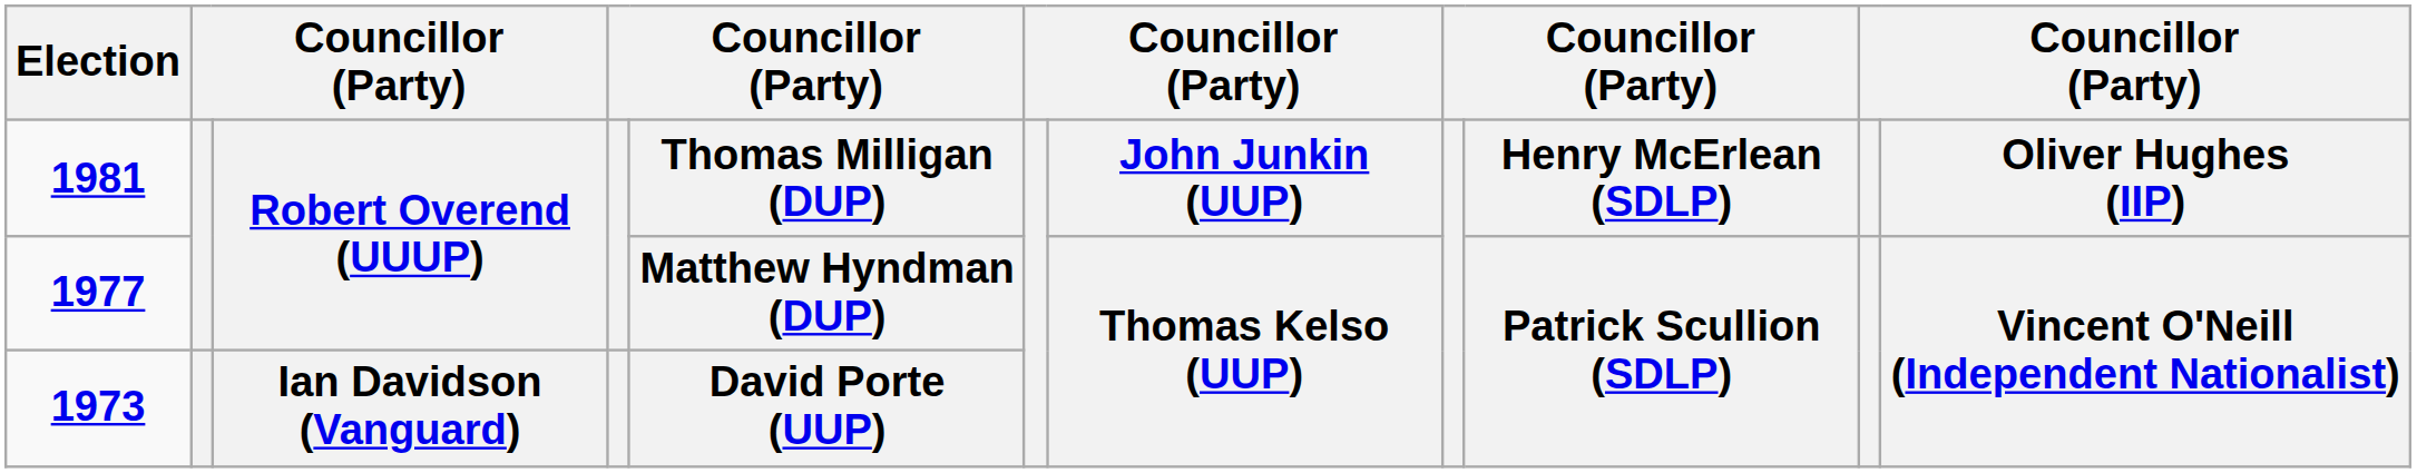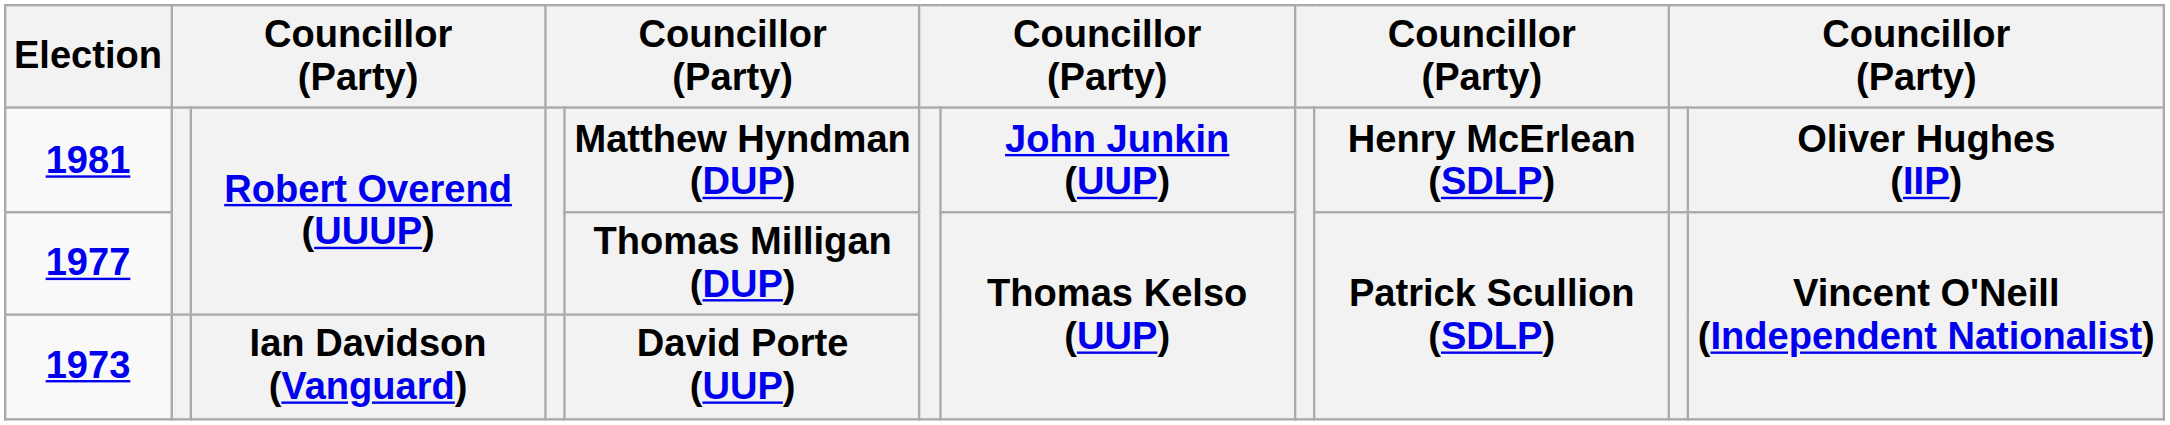 <table class="wikitable" style="text-align:center">
 <tr>
 <th scope="col" width="50">Election</th>
 <th scope="col" width="150" colspan = "2">Councillor<br> (Party)</th>
 <th scope="col" width="150" colspan = "2">Councillor<br> (Party)</th>
 <th scope="col" width="150" colspan = "2">Councillor<br> (Party)</th>
 <th scope="col" width="150" colspan = "2">Councillor<br> (Party)</th>
 <th scope="col" width="150" colspan = "2">Councillor<br> (Party)</th>
 </tr>
 <tr>
 <td><strong><a href='#'>1981</a></strong></td>
 <th rowspan="2" width="1" style="background-color: "></th>
 <th rowspan = "2"><a href='#'>Robert Overend</a> <br> (<a href='#'>UUUP</a>)</th>
 <th rowspan="2" width="1" style="background-color: "></th>
-<th rowspan = "1">Thomas Milligan <br> (<a href='#'>DUP</a>)</th>
+<th rowspan = "1">Matthew Hyndman <br> (<a href='#'>DUP</a>)</th>
 <th rowspan="3" width="1" style="background-color: "></th>
 <th rowspan = "1"><a href='#'>John Junkin</a> <br> (<a href='#'>UUP</a>)</th>
 <th rowspan="3" width="1" style="background-color: "></th>
 <th rowspan = "1">Henry McErlean <br> (<a href='#'>SDLP</a>)</th>
 <th rowspan="1" width="1" style="background-color: "></th>
 <th rowspan = "1">Oliver Hughes <br> (<a href='#'>IIP</a>)</th>
 </tr>
 <tr>
 <td><strong><a href='#'>1977</a></strong></td>
-<th rowspan = "1">Matthew Hyndman <br> (<a href='#'>DUP</a>)</th>
+<th rowspan = "1">Thomas Milligan <br> (<a href='#'>DUP</a>)</th>
 <th rowspan = "2">Thomas Kelso <br> (<a href='#'>UUP</a>)</th>
 <th rowspan = "2">Patrick Scullion <br> (<a href='#'>SDLP</a>)</th>
 <th rowspan="2" width="1" style="background-color: "></th>
 <th rowspan = "2">Vincent O'Neill <br> (<a href='#'>Independent Nationalist</a>)</th>
 </tr>
 <tr>
 <td><strong><a href='#'>1973</a></strong></td>
 <th rowspan="1" width="1" style="background-color: "></th>
 <th rowspan = "1">Ian Davidson <br> (<a href='#'>Vanguard</a>)</th>
 <th rowspan="1" width="1" style="background-color: "></th>
 <th rowspan = "1">David Porte <br> (<a href='#'>UUP</a>)</th>
 </tr>
 </table>
